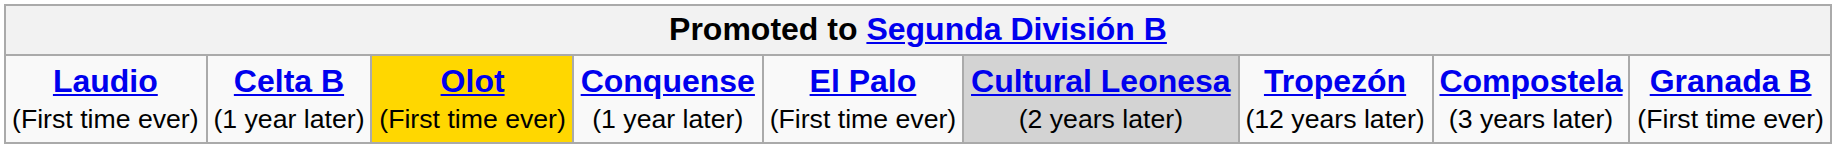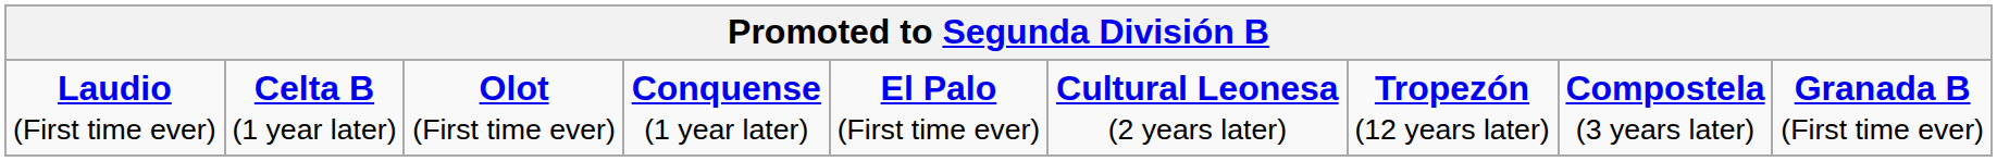 <table class="wikitable" style="text-align: center; margin: 0 auto;">
 <tr>
 <th colspan="9">Promoted to <a href='#'>Segunda División B</a></th>
 </tr>
 <tr>
 <td><strong><a href='#'>Laudio</a></strong><br><small>(First time ever)</small></td>
 <td><strong><a href='#'>Celta B</a></strong><br><small>(1 year later)</small></td>
-<td style="background: gold;"><strong><a href='#'>Olot</a></strong><br><small>(First time ever)</small></td>
+<td><strong><a href='#'>Olot</a></strong><br><small>(First time ever)</small></td>
 <td><strong><a href='#'>Conquense</a></strong><br><small>(1 year later)</small></td>
 <td><strong><a href='#'>El Palo</a></strong><br><small>(First time ever)</small></td>
-<td style="background: lightgrey;"><strong><a href='#'>Cultural Leonesa</a></strong><br><small>(2 years later)</small></td>
+<td><strong><a href='#'>Cultural Leonesa</a></strong><br><small>(2 years later)</small></td>
 <td><strong><a href='#'>Tropezón</a></strong><br><small>(12 years later)</small></td>
 <td><strong><a href='#'>Compostela</a></strong><br><small>(3 years later)</small></td>
 <td><strong><a href='#'>Granada B</a></strong><br><small>(First time ever)</small></td>
 </tr>
 <tr>
 </tr>
 </table>
